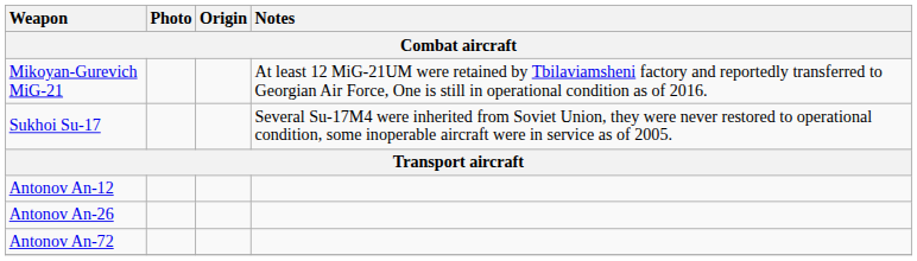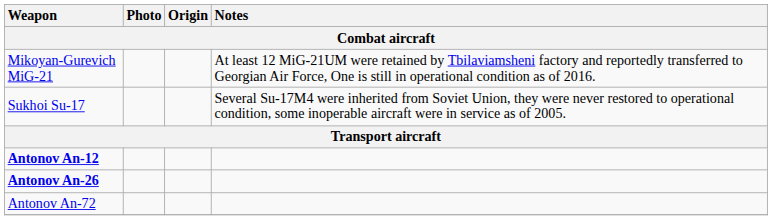 <table class="wikitable">
 <tr>
 <th style="text-align: left;">Weapon</th>
 <th style="text-align: left;">Photo</th>
 <th style="text-align: left;">Origin</th>
 <th style="text-align: left;">Notes</th>
 </tr>
 <tr>
 <th colspan="5">Combat aircraft</th>
 </tr>
 <tr>
 <td><a href='#'>Mikoyan-Gurevich MiG-21</a></td>
 <td></td>
 <td><br></td>
 <td>At least 12 MiG-21UM were retained by <a href='#'>Tbilaviamsheni</a> factory and reportedly transferred to Georgian Air Force, One is still in operational condition as of 2016.</td>
 </tr>
 <tr>
 <td><a href='#'>Sukhoi Su-17</a></td>
 <td></td>
 <td></td>
 <td>Several Su-17M4 were inherited from Soviet Union, they were never restored to operational condition, some inoperable aircraft were in service as of 2005.</td>
 </tr>
 <tr>
 <th colspan="5">Transport aircraft</th>
 </tr>
 <tr>
-<td><a href='#'>Antonov An-12</a></td>
+<td><strong><a href='#'>Antonov An-12</a></strong></td>
 <td></td>
 <td></td>
 <td></td>
 </tr>
 <tr>
-<td><a href='#'>Antonov An-26</a></td>
+<td><strong><a href='#'>Antonov An-26</a></strong></td>
 <td></td>
 <td></td>
 <td></td>
 </tr>
 <tr>
 <td><a href='#'>Antonov An-72</a></td>
 <td></td>
 <td></td>
 <td></td>
 </tr>
 <tr>
 </tr>
 </table>
